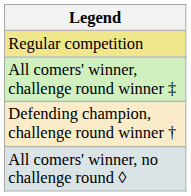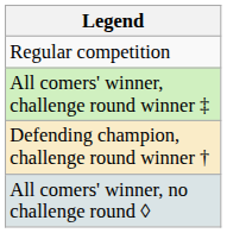 <table class="wikitable" width=20%>
 <tr>
 <th>Legend</th>
 </tr>
 <tr>
-<td style="background: khaki;">Regular competition</td>
+<td>Regular competition</td>
 </tr>
 <tr>
 <td style="background: #d0f0c0">All comers' winner, challenge round winner ‡</td>
 </tr>
 <tr>
 <td style="background: #faecc8">Defending champion, challenge round winner †</td>
 </tr>
 <tr>
 <td style="background: #dAe4e6">All comers' winner, no challenge round ◊</td>
 </tr>
 </table>
